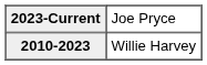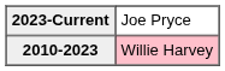 <table border="1" cellpadding="5" cellspacing="0">
 <tr>
 <th style="background:#efefef;">2023-Current</th>
 <td>Joe Pryce</td>
 </tr>
 <tr>
 <th style="background:#efefef;">2010-2023</th>
-<td>Willie Harvey</td>
+<td style="background: pink;">Willie Harvey</td>
 </tr>
 </table>
